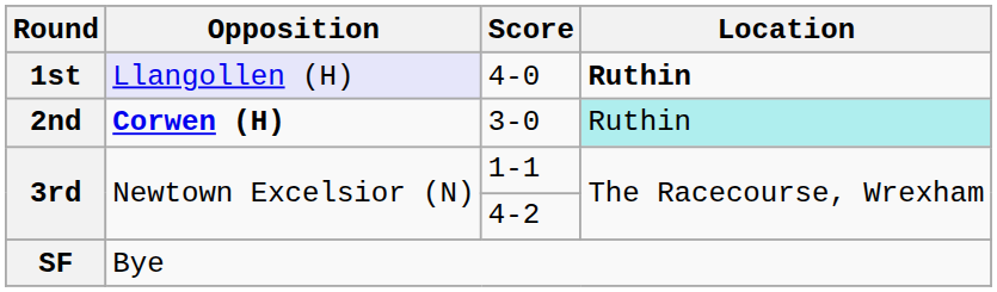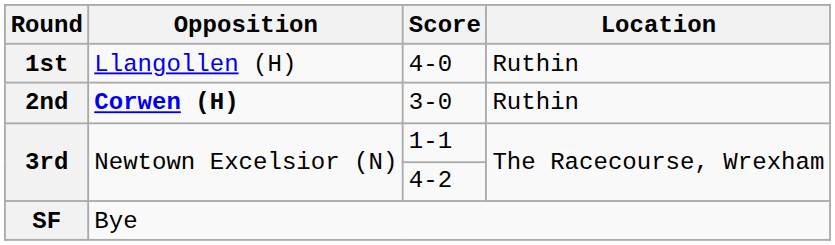 <table class="wikitable">
 <tr>
 <th>Round</th>
 <th>Opposition</th>
 <th>Score</th>
 <th>Location</th>
 </tr>
 <tr>
 <th>1st</th>
-<td style="background: lavender;"><a href='#'>Llangollen</a> (H)</td>
+<td><a href='#'>Llangollen</a> (H)</td>
 <td>4-0</td>
-<td><strong>Ruthin</strong></td>
+<td>Ruthin</td>
 </tr>
 <tr>
 <th>2nd</th>
 <td><strong><a href='#'>Corwen</a> (H)</strong></td>
 <td>3-0</td>
-<td style="background: paleturquoise;">Ruthin</td>
+<td>Ruthin</td>
 </tr>
 <tr>
 <th rowspan="2">3rd</th>
 <td rowspan="2">Newtown Excelsior (N)</td>
 <td>1-1</td>
 <td rowspan="2">The Racecourse, Wrexham</td>
 </tr>
 <tr>
 <td>4-2</td>
 </tr>
 <tr>
 <th>SF</th>
 <td colspan="3">Bye</td>
 </tr>
 </table>
